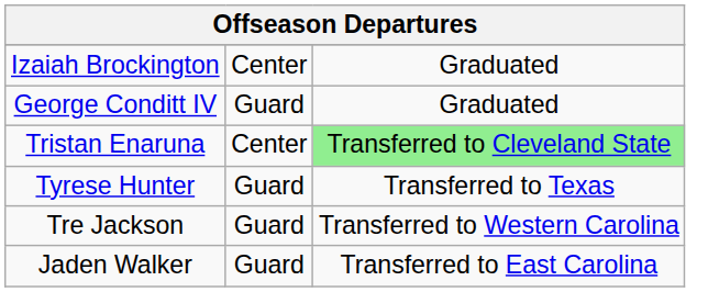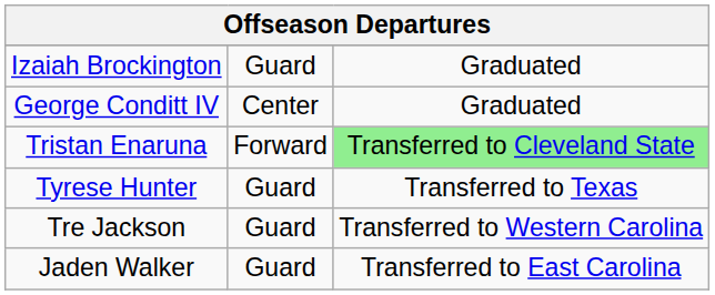 <table class="wikitable" style="text-align: center">
 <tr>
 <th colspan=3>Offseason Departures</th>
 </tr>
 <tr>
 </tr>
 <tr>
 <td><a href='#'>Izaiah Brockington</a></td>
+<td>Guard</td>
+<td>Graduated</td>
+</tr>
+<tr>
+<td><a href='#'>George Conditt IV</a></td>
 <td>Center</td>
 <td>Graduated</td>
 </tr>
 <tr>
-<td><a href='#'>George Conditt IV</a></td>
-<td>Guard</td>
-<td>Graduated</td>
-</tr>
-<tr>
 <td><a href='#'>Tristan Enaruna</a></td>
-<td>Center</td>
+<td>Forward</td>
 <td style="background: lightgreen;">Transferred to <a href='#'>Cleveland State</a></td>
 </tr>
 <tr>
 <td><a href='#'>Tyrese Hunter</a></td>
 <td>Guard</td>
 <td>Transferred to <a href='#'>Texas</a></td>
 </tr>
 <tr>
 <td>Tre Jackson</td>
 <td>Guard</td>
 <td>Transferred to <a href='#'>Western Carolina</a></td>
 </tr>
 <tr>
 <td>Jaden Walker</td>
 <td>Guard</td>
 <td>Transferred to <a href='#'>East Carolina</a></td>
 </tr>
 </table>
